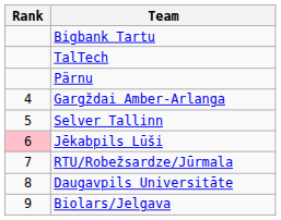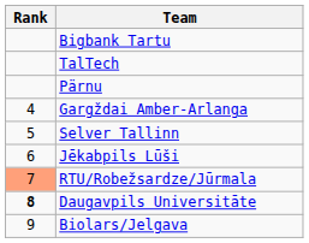 <table class=wikitable style="text-align:center">
 <tr>
 <th width=40>Rank</th>
 <th width=220>Team</th>
 </tr>
 <tr>
 <td></td>
 <td align=left> <a href='#'>Bigbank Tartu</a></td>
 </tr>
 <tr>
 <td></td>
 <td align=left> <a href='#'>TalTech</a></td>
 </tr>
 <tr>
 <td></td>
 <td align=left> <a href='#'>Pärnu</a></td>
 </tr>
 <tr>
 <td>4</td>
 <td align=left> <a href='#'>Gargždai Amber-Arlanga</a></td>
 </tr>
 <tr>
 <td>5</td>
 <td align=left> <a href='#'>Selver Tallinn</a></td>
 </tr>
 <tr>
-<td style="background: pink;">6</td>
+<td>6</td>
 <td align=left> <a href='#'>Jēkabpils Lūši</a></td>
 </tr>
 <tr>
-<td>7</td>
+<td style="background: lightsalmon;">7</td>
 <td align=left> <a href='#'>RTU/Robežsardze/Jūrmala</a></td>
 </tr>
 <tr>
-<td>8</td>
+<td><strong>8</strong></td>
 <td align=left> <a href='#'>Daugavpils Universitāte</a></td>
 </tr>
 <tr>
 <td>9</td>
 <td align=left> <a href='#'>Biolars/Jelgava</a></td>
 </tr>
 </table>
